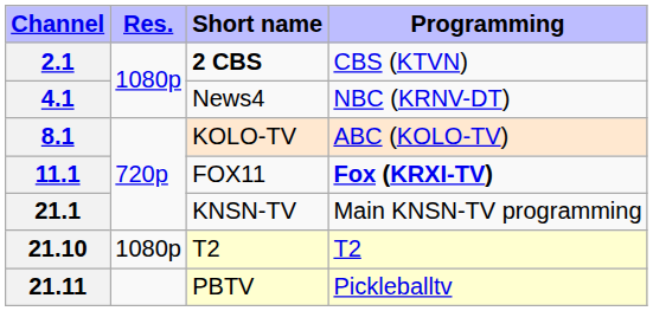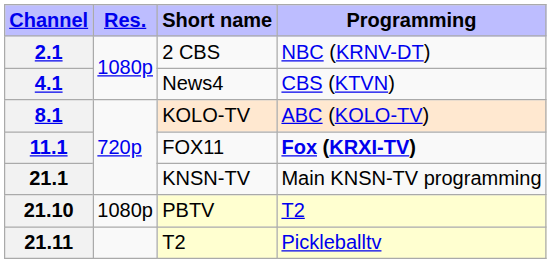 <table class="wikitable">
 <tr>
 <th style="background-color: #bdbdff" scope="col"><a href='#'>Channel</a></th>
 <th style="background-color: #bdbdff" scope="col"><a href='#'>Res.</a></th>
 <th style="background-color: #bdbdff" scope="col">Short name</th>
 <th style="background-color: #bdbdff" scope="col">Programming</th>
 </tr>
 <tr>
 <th scope="row"><a href='#'>2.1</a></th>
 <td rowspan=2><a href='#'>1080p</a></td>
-<td><strong>2 CBS</strong></td>
-<td><a href='#'>CBS</a> (<a href='#'>KTVN</a>)</td>
+<td>2 CBS</td>
+<td><a href='#'>NBC</a> (<a href='#'>KRNV-DT</a>)</td>
 </tr>
 <tr>
 <th scope="row"><a href='#'>4.1</a></th>
 <td>News4</td>
-<td><a href='#'>NBC</a> (<a href='#'>KRNV-DT</a>)</td>
+<td><a href='#'>CBS</a> (<a href='#'>KTVN</a>)</td>
 </tr>
 <tr>
 <th scope="row"><a href='#'>8.1</a></th>
 <td rowspan=3><a href='#'>720p</a></td>
 <td style="background-color: #ffe8d0">KOLO-TV</td>
 <td style="background-color: #ffe8d0"><a href='#'>ABC</a> (<a href='#'>KOLO-TV</a>) </td>
 </tr>
 <tr>
 <th scope="row"><a href='#'>11.1</a></th>
 <td>FOX11</td>
 <td><strong><a href='#'>Fox</a> (<a href='#'>KRXI-TV</a>)</strong></td>
 </tr>
 <tr>
 <th scope="row">21.1</th>
 <td>KNSN-TV</td>
 <td>Main KNSN-TV programming</td>
 </tr>
 <tr>
 <th scope = "row">21.10</th>
 <td>1080p</td>
-<td style="background-color:#ffffd0">T2</td>
+<td style="background-color:#ffffd0">PBTV</td>
 <td style="background-color:#ffffd0"><a href='#'>T2</a></td>
 </tr>
 <tr>
 <th scope = "row">21.11</th>
 <td></td>
-<td style="background-color:#ffffd0">PBTV</td>
+<td style="background-color:#ffffd0">T2</td>
 <td style="background-color:#ffffd0"><a href='#'>Pickleballtv</a></td>
 </tr>
 </table>
